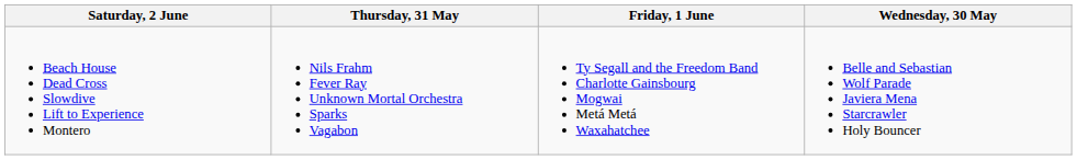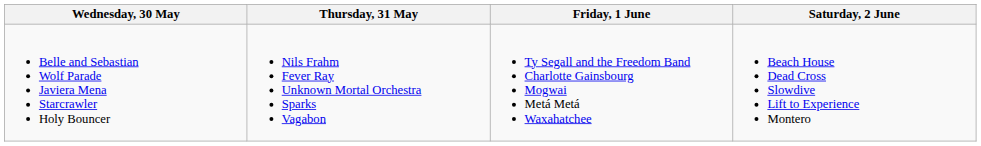 <table class="wikitable">
 <tr>
-<th width="300">Saturday, 2 June</th>
+<th width="300">Wednesday, 30 May</th>
 <th width="300">Thursday, 31 May</th>
 <th width="300">Friday, 1 June</th>
-<th width="300">Wednesday, 30 May</th>
+<th width="300">Saturday, 2 June</th>
 </tr>
 <tr valign="top">
-<td><br><ul><li><a href='#'>Beach House</a></li><li><a href='#'>Dead Cross</a></li><li><a href='#'>Slowdive</a></li><li><a href='#'>Lift to Experience</a></li><li>Montero</li></ul></td>
+<td><br><ul><li><a href='#'>Belle and Sebastian</a></li><li><a href='#'>Wolf Parade</a></li><li><a href='#'>Javiera Mena</a></li><li><a href='#'>Starcrawler</a></li><li>Holy Bouncer</li></ul></td>
 <td><br><ul><li><a href='#'>Nils Frahm</a></li><li><a href='#'>Fever Ray</a></li><li><a href='#'>Unknown Mortal Orchestra</a></li><li><a href='#'>Sparks</a></li><li><a href='#'>Vagabon</a></li></ul></td>
 <td><br><ul><li><a href='#'>Ty Segall and the Freedom Band</a></li><li><a href='#'>Charlotte Gainsbourg</a></li><li><a href='#'>Mogwai</a></li><li>Metá Metá</li><li><a href='#'>Waxahatchee</a></li></ul></td>
-<td><br><ul><li><a href='#'>Belle and Sebastian</a></li><li><a href='#'>Wolf Parade</a></li><li><a href='#'>Javiera Mena</a></li><li><a href='#'>Starcrawler</a></li><li>Holy Bouncer</li></ul></td>
+<td><br><ul><li><a href='#'>Beach House</a></li><li><a href='#'>Dead Cross</a></li><li><a href='#'>Slowdive</a></li><li><a href='#'>Lift to Experience</a></li><li>Montero</li></ul></td>
 </tr>
 </table>
